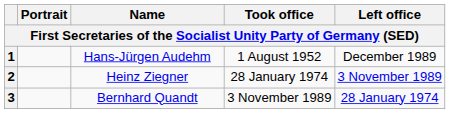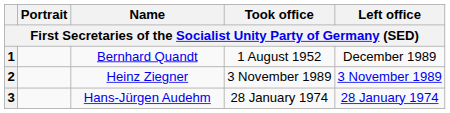 <table class="wikitable" style="text-align:center">
 <tr>
 <th></th>
 <th>Portrait</th>
 <th width=180>Name<br></th>
 <th>Took office</th>
 <th>Left office</th>
 </tr>
 <tr>
 <th colspan=5>First Secretaries of the <a href='#'>Socialist Unity Party of Germany</a> (SED)</th>
 </tr>
 <tr>
 <th style="background:">1</th>
 <td></td>
-<td><a href='#'>Hans-Jürgen Audehm</a><br></td>
+<td><a href='#'>Bernhard Quandt</a><br></td>
 <td>1 August 1952</td>
 <td>December 1989</td>
 </tr>
 <tr>
 <th style="background:">2</th>
 <td></td>
 <td><a href='#'>Heinz Ziegner</a><br></td>
-<td>28 January 1974</td>
+<td>3 November 1989</td>
 <td><a href='#'>3 November 1989<br></a></td>
 </tr>
 <tr>
 <th style="background:">3</th>
 <td></td>
-<td><a href='#'>Bernhard Quandt</a><br></td>
-<td>3 November 1989</td>
+<td><a href='#'>Hans-Jürgen Audehm</a><br></td>
+<td>28 January 1974</td>
 <td><a href='#'>28 January 1974<br></a></td>
 </tr>
 </table>
